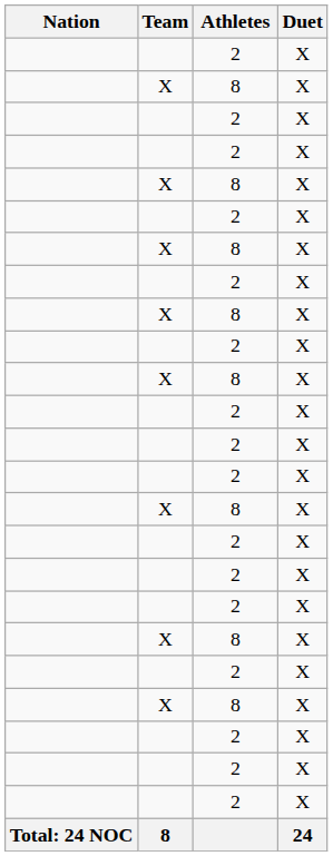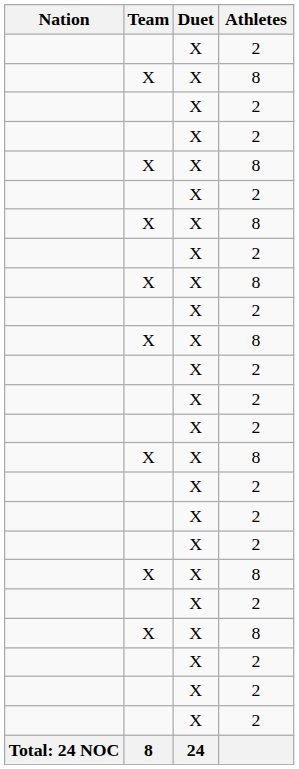 <table class="wikitable" style="text-align:center; font-size:90%">
 <tr>
 <th>Nation</th>
 <th>Team</th>
+<th>Duet</th>
 <th width=55>Athletes</th>
-<th>Duet</th>
 </tr>
 <tr>
 <td style="text-align:left;"></td>
 <td></td>
+<td>X</td>
 <td>2</td>
-<td>X</td>
 </tr>
 <tr>
 <td style="text-align:left;"></td>
 <td>X</td>
+<td>X</td>
 <td>8</td>
-<td>X</td>
 </tr>
 <tr>
 <td style="text-align:left;"></td>
 <td></td>
+<td>X</td>
 <td>2</td>
-<td>X</td>
 </tr>
 <tr>
 <td style="text-align:left;"></td>
 <td></td>
+<td>X</td>
 <td>2</td>
-<td>X</td>
 </tr>
 <tr>
 <td style="text-align:left;"></td>
 <td>X</td>
+<td>X</td>
 <td>8</td>
-<td>X</td>
 </tr>
 <tr>
 <td style="text-align:left;"></td>
 <td></td>
+<td>X</td>
 <td>2</td>
-<td>X</td>
 </tr>
 <tr>
 <td style="text-align:left;"></td>
 <td>X</td>
+<td>X</td>
 <td>8</td>
-<td>X</td>
 </tr>
 <tr>
 <td style="text-align:left;"></td>
 <td></td>
+<td>X</td>
 <td>2</td>
-<td>X</td>
 </tr>
 <tr>
 <td style="text-align:left;"></td>
 <td>X</td>
+<td>X</td>
 <td>8</td>
-<td>X</td>
 </tr>
 <tr>
 <td style="text-align:left;"></td>
 <td></td>
+<td>X</td>
 <td>2</td>
-<td>X</td>
 </tr>
 <tr>
 <td style="text-align:left;"></td>
 <td>X</td>
+<td>X</td>
 <td>8</td>
-<td>X</td>
 </tr>
 <tr>
 <td style="text-align:left;"></td>
 <td></td>
+<td>X</td>
 <td>2</td>
-<td>X</td>
 </tr>
 <tr>
 <td style="text-align:left;"></td>
 <td></td>
+<td>X</td>
 <td>2</td>
-<td>X</td>
 </tr>
 <tr>
 <td style="text-align:left;"></td>
 <td></td>
+<td>X</td>
 <td>2</td>
-<td>X</td>
 </tr>
 <tr>
 <td style="text-align:left;"></td>
 <td>X</td>
+<td>X</td>
 <td>8</td>
-<td>X</td>
 </tr>
 <tr>
 <td style="text-align:left;"></td>
 <td></td>
+<td>X</td>
 <td>2</td>
-<td>X</td>
 </tr>
 <tr>
 <td style="text-align:left;"></td>
 <td></td>
+<td>X</td>
 <td>2</td>
-<td>X</td>
 </tr>
 <tr>
 <td style="text-align:left;"></td>
 <td></td>
+<td>X</td>
 <td>2</td>
-<td>X</td>
 </tr>
 <tr>
 <td style="text-align:left;"></td>
 <td>X</td>
+<td>X</td>
 <td>8</td>
-<td>X</td>
 </tr>
 <tr>
 <td style="text-align:left;"></td>
 <td></td>
+<td>X</td>
 <td>2</td>
-<td>X</td>
 </tr>
 <tr>
 <td style="text-align:left;"></td>
 <td>X</td>
+<td>X</td>
 <td>8</td>
-<td>X</td>
 </tr>
 <tr>
 <td style="text-align:left;"></td>
 <td></td>
+<td>X</td>
 <td>2</td>
-<td>X</td>
 </tr>
 <tr>
 <td style="text-align:left;"></td>
 <td></td>
+<td>X</td>
 <td>2</td>
-<td>X</td>
 </tr>
 <tr>
 <td style="text-align:left;"></td>
 <td></td>
+<td>X</td>
 <td>2</td>
-<td>X</td>
 </tr>
 <tr>
 <th>Total: 24 NOC</th>
 <th>8</th>
+<th>24</th>
 <th></th>
-<th>24</th>
 </tr>
 </table>
